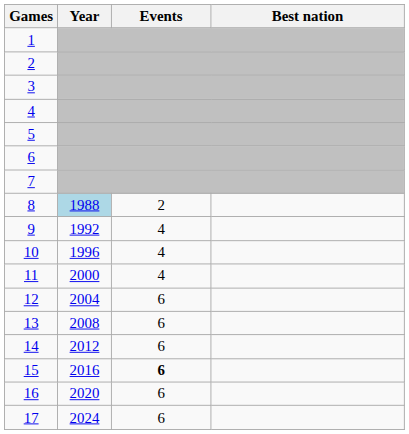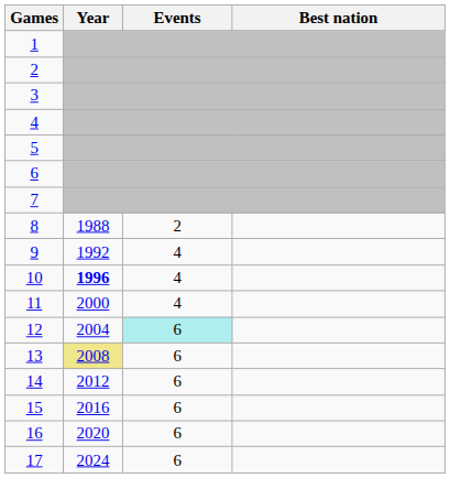 <table class=wikitable>
 <tr>
 <th width=50>Games</th>
 <th width=50>Year</th>
 <th width=100>Events</th>
 <th width=200>Best nation</th>
 </tr>
 <tr>
 <td align=center><a href='#'>1</a></td>
 <td colspan=4 bgcolor=silver></td>
 </tr>
 <tr>
 <td align=center><a href='#'>2</a></td>
 <td colspan=4 bgcolor=silver></td>
 </tr>
 <tr>
 <td align=center><a href='#'>3</a></td>
 <td colspan=4 bgcolor=silver></td>
 </tr>
 <tr>
 <td align=center><a href='#'>4</a></td>
 <td colspan=4 bgcolor=silver></td>
 </tr>
 <tr>
 <td align=center><a href='#'>5</a></td>
 <td colspan=4 bgcolor=silver></td>
 </tr>
 <tr>
 <td align=center><a href='#'>6</a></td>
 <td colspan=4 bgcolor=silver></td>
 </tr>
 <tr>
 <td align=center><a href='#'>7</a></td>
 <td colspan=4 bgcolor=silver></td>
 </tr>
 <tr>
 <td align=center><a href='#'>8</a></td>
-<td align=center style="background: lightblue;"><a href='#'>1988</a></td>
+<td align=center><a href='#'>1988</a></td>
 <td align=center>2</td>
 <td></td>
 </tr>
 <tr>
 <td align=center><a href='#'>9</a></td>
 <td align=center><a href='#'>1992</a></td>
 <td align=center>4</td>
 <td></td>
 </tr>
 <tr>
 <td align=center><a href='#'>10</a></td>
-<td align=center><a href='#'>1996</a></td>
+<td align=center><strong><a href='#'>1996</a></strong></td>
 <td align=center>4</td>
 <td></td>
 </tr>
 <tr>
 <td align=center><a href='#'>11</a></td>
 <td align=center><a href='#'>2000</a></td>
 <td align=center>4</td>
 <td></td>
 </tr>
 <tr>
 <td align=center><a href='#'>12</a></td>
 <td align=center><a href='#'>2004</a></td>
-<td align=center>6</td>
+<td align=center style="background: paleturquoise;">6</td>
 <td></td>
 </tr>
 <tr>
 <td align=center><a href='#'>13</a></td>
-<td align=center><a href='#'>2008</a></td>
+<td align=center style="background: khaki;"><a href='#'>2008</a></td>
 <td align=center>6</td>
 <td></td>
 </tr>
 <tr>
 <td align=center><a href='#'>14</a></td>
 <td align=center><a href='#'>2012</a></td>
 <td align=center>6</td>
 <td></td>
 </tr>
 <tr>
 <td align=center><a href='#'>15</a></td>
 <td align=center><a href='#'>2016</a></td>
-<td align=center><strong>6</strong></td>
+<td align=center>6</td>
 <td></td>
 </tr>
 <tr>
 <td align=center><a href='#'>16</a></td>
 <td align=center><a href='#'>2020</a></td>
 <td align=center>6</td>
 <td></td>
 </tr>
 <tr>
 <td align=center><a href='#'>17</a></td>
 <td align=center><a href='#'>2024</a></td>
 <td align=center>6</td>
 <td></td>
 </tr>
 </table>
